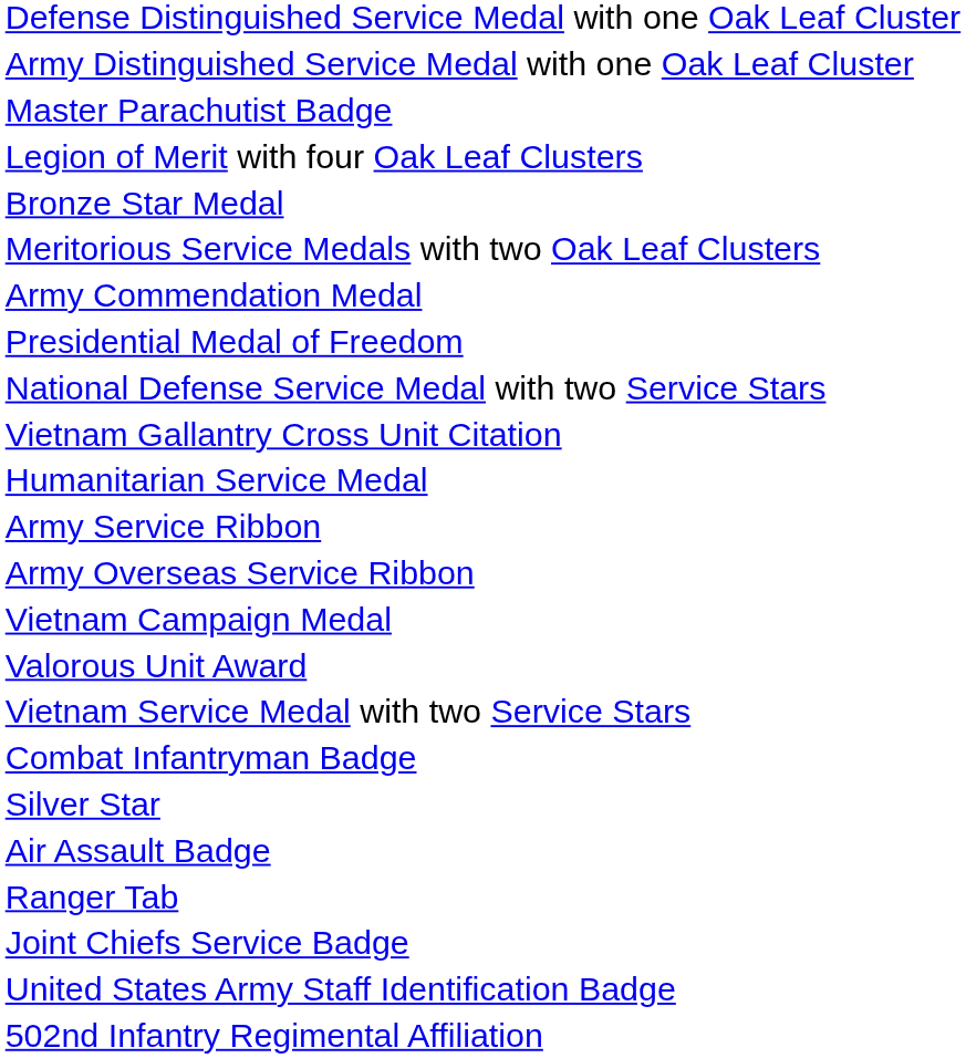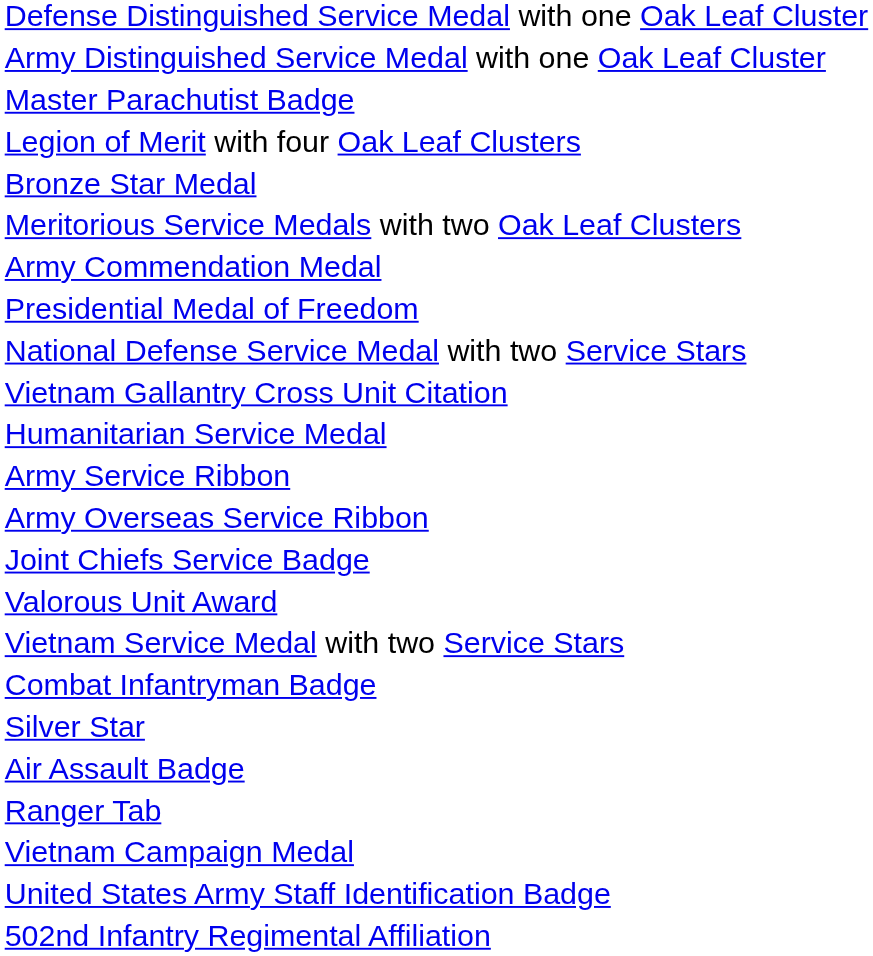 <table>
 <tr>
 <td> <a href='#'>Defense Distinguished Service Medal</a> with one <a href='#'>Oak Leaf Cluster</a></td>
 </tr>
 <tr>
 <td> <a href='#'>Army Distinguished Service Medal</a> with one <a href='#'>Oak Leaf Cluster</a></td>
 </tr>
 <tr>
 <td> <a href='#'>Master Parachutist Badge</a></td>
 </tr>
 <tr>
 <td> <a href='#'>Legion of Merit</a> with four <a href='#'>Oak Leaf Clusters</a></td>
 </tr>
 <tr>
 <td> <a href='#'>Bronze Star Medal</a></td>
 </tr>
 <tr>
 <td> <a href='#'>Meritorious Service Medals</a> with two <a href='#'>Oak Leaf Clusters</a></td>
 </tr>
 <tr>
 <td> <a href='#'>Army Commendation Medal</a></td>
 </tr>
 <tr>
 <td> <a href='#'>Presidential Medal of Freedom</a></td>
 </tr>
 <tr>
 <td> <a href='#'>National Defense Service Medal</a> with two <a href='#'>Service Stars</a></td>
 </tr>
 <tr>
 <td> <a href='#'>Vietnam Gallantry Cross Unit Citation</a></td>
 </tr>
 <tr>
 <td> <a href='#'>Humanitarian Service Medal</a></td>
 </tr>
 <tr>
 <td> <a href='#'>Army Service Ribbon</a></td>
 </tr>
 <tr>
 <td> <a href='#'>Army Overseas Service Ribbon</a></td>
 </tr>
 <tr>
-<td> <a href='#'>Vietnam Campaign Medal</a></td>
+<td> <a href='#'>Joint Chiefs Service Badge</a></td>
 </tr>
 <tr>
 <td> <a href='#'>Valorous Unit Award</a></td>
 </tr>
 <tr>
 <td> <a href='#'>Vietnam Service Medal</a> with two <a href='#'>Service Stars</a></td>
 </tr>
 <tr>
 <td> <a href='#'>Combat Infantryman Badge</a></td>
 </tr>
 <tr>
 <td> <a href='#'>Silver Star</a></td>
 </tr>
 <tr>
 <td> <a href='#'>Air Assault Badge</a></td>
 </tr>
 <tr>
 <td> <a href='#'>Ranger Tab</a></td>
 </tr>
 <tr>
-<td> <a href='#'>Joint Chiefs Service Badge</a></td>
+<td> <a href='#'>Vietnam Campaign Medal</a></td>
 </tr>
 <tr>
 <td> <a href='#'>United States Army Staff Identification Badge</a></td>
 </tr>
 <tr>
 <td> <a href='#'>502nd Infantry Regimental Affiliation</a></td>
 </tr>
 </table>
